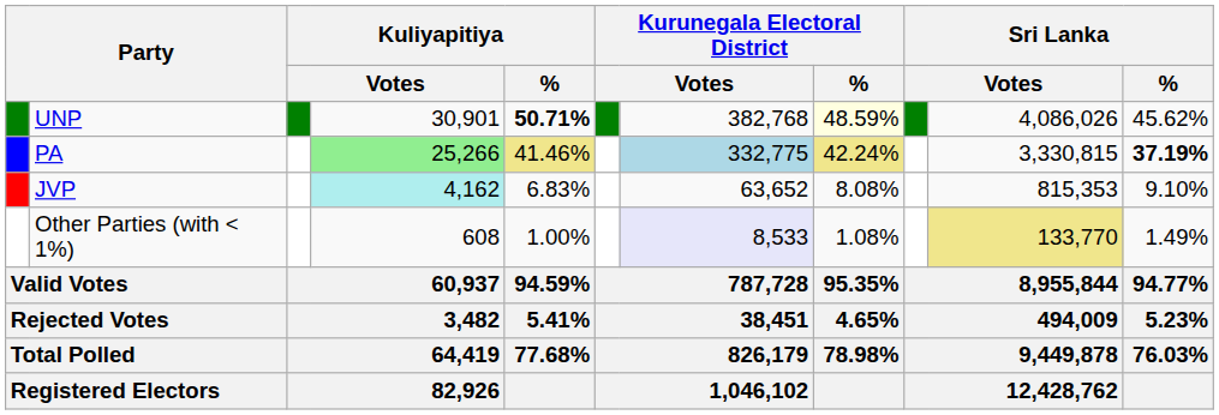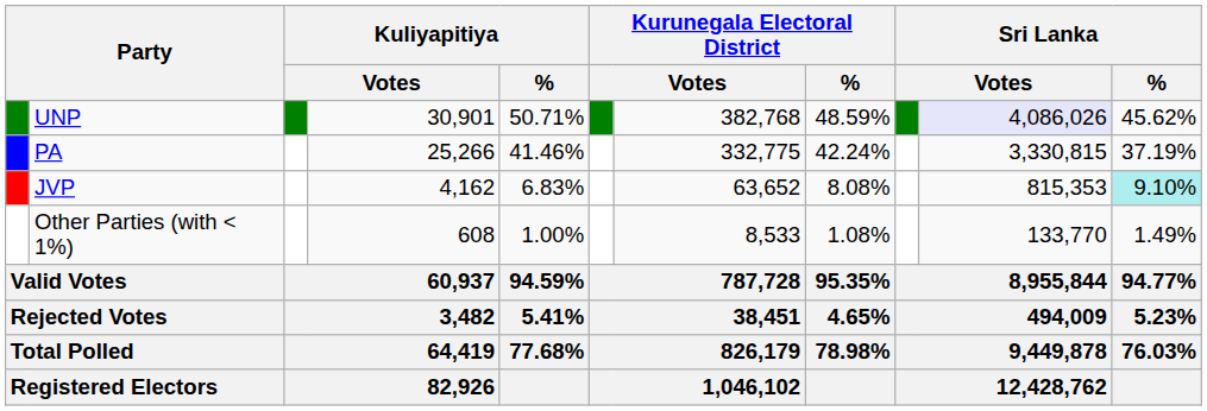 <table class="wikitable">
 <tr>
 <th colspan="2" width="144px"rowspan="2">Party</th>
 <th colspan="3" width="216px">Kuliyapitiya</th>
 <th colspan="3" width="216px"><a href='#'>Kurunegala Electoral District</a></th>
 <th colspan="3" width="216px">Sri Lanka</th>
 </tr>
 <tr>
 <th colspan="2" width="144px">Votes</th>
 <th>%</th>
 <th colspan="2" width="144px">Votes</th>
 <th>%</th>
 <th colspan="2" width="144px">Votes</th>
 <th>%</th>
 </tr>
 <tr>
 <td style="background-color:green;" width="10px"></td>
 <td style="text-align:left;"><a href='#'>UNP</a></td>
 <td style="background-color:green;" width="10px"></td>
 <td style="text-align:right;">30,901</td>
-<td style="text-align:right;"><strong>50.71%</strong></td>
+<td style="text-align:right;">50.71%</td>
 <td style="background-color:green;" width="10px"></td>
 <td style="text-align:right;">382,768</td>
-<td style="background: lightyellow; text-align:right;">48.59%</td>
+<td style="text-align:right;">48.59%</td>
 <td style="background-color:green;" width="10px"></td>
-<td style="text-align:right;">4,086,026</td>
+<td style="background: lavender; text-align:right;">4,086,026</td>
 <td style="text-align:right;">45.62%</td>
 </tr>
 <tr>
 <td style="background-color:blue;" width="10px"></td>
 <td style="text-align:left;"><a href='#'>PA</a></td>
 <td style="background-color:white;" width="10px"></td>
-<td style="background: lightgreen; text-align:right;">25,266</td>
-<td style="background: khaki; text-align:right;">41.46%</td>
+<td style="text-align:right;">25,266</td>
+<td style="text-align:right;">41.46%</td>
 <td style="background-color:white;" width="10px"></td>
-<td style="background: lightblue; text-align:right;">332,775</td>
-<td style="background: khaki; text-align:right;">42.24%</td>
+<td style="text-align:right;">332,775</td>
+<td style="text-align:right;">42.24%</td>
 <td style="background-color:white;" width="10px"></td>
 <td style="text-align:right;">3,330,815</td>
-<td style="text-align:right;"><strong>37.19%</strong></td>
+<td style="text-align:right;">37.19%</td>
 </tr>
 <tr>
 <td style="background-color:red;" width="10px"></td>
 <td style="text-align:left;"><a href='#'>JVP</a></td>
 <td style="background-color:white;" width="10px"></td>
-<td style="background: paleturquoise; text-align:right;">4,162</td>
+<td style="text-align:right;">4,162</td>
 <td style="text-align:right;">6.83%</td>
 <td style="background-color:white;" width="10px"></td>
 <td style="text-align:right;">63,652</td>
 <td style="text-align:right;">8.08%</td>
 <td style="background-color:white;" width="10px"></td>
 <td style="text-align:right;">815,353</td>
-<td style="text-align:right;">9.10%</td>
+<td style="background: paleturquoise; text-align:right;">9.10%</td>
 </tr>
 <tr>
 <td style="background-color:white;" width="10px"></td>
 <td style="text-align:left;">Other Parties (with < 1%)</td>
 <td style="background-color:white;" width="10px"></td>
 <td style="text-align:right;">608</td>
 <td style="text-align:right;">1.00%</td>
 <td style="background-color:white;" width="10px"></td>
-<td style="background: lavender; text-align:right;">8,533</td>
+<td style="text-align:right;">8,533</td>
 <td style="text-align:right;">1.08%</td>
 <td style="background-color:white;" width="10px"></td>
-<td style="background: khaki; text-align:right;">133,770</td>
+<td style="text-align:right;">133,770</td>
 <td style="text-align:right;">1.49%</td>
 </tr>
 <tr>
 <th colspan="2" width="144px"style="text-align:left;">Valid Votes</th>
 <th style="text-align:right;"colspan="2" width="144px">60,937</th>
 <th style="text-align:right;">94.59%</th>
 <th style="text-align:right;"colspan="2" width="144px">787,728</th>
 <th style="text-align:right;">95.35%</th>
 <th style="text-align:right;"colspan="2" width="144px">8,955,844</th>
 <th style="text-align:right;">94.77%</th>
 </tr>
 <tr>
 <th colspan="2" width="144px"style="text-align:left;">Rejected Votes</th>
 <th style="text-align:right;"colspan="2" width="144px">3,482</th>
 <th style="text-align:right;">5.41%</th>
 <th style="text-align:right;"colspan="2" width="144px">38,451</th>
 <th style="text-align:right;">4.65%</th>
 <th style="text-align:right;"colspan="2" width="144px">494,009</th>
 <th style="text-align:right;">5.23%</th>
 </tr>
 <tr>
 <th colspan="2" width="144px"style="text-align:left;">Total Polled</th>
 <th style="text-align:right;"colspan="2" width="144px">64,419</th>
 <th style="text-align:right;">77.68%</th>
 <th style="text-align:right;"colspan="2" width="144px">826,179</th>
 <th style="text-align:right;">78.98%</th>
 <th style="text-align:right;"colspan="2" width="144px">9,449,878</th>
 <th style="text-align:right;">76.03%</th>
 </tr>
 <tr>
 <th colspan="2" width="144px"style="text-align:left;">Registered Electors</th>
 <th style="text-align:right;"colspan="2" width="144px">82,926</th>
 <th></th>
 <th style="text-align:right;"colspan="2" width="144px">1,046,102</th>
 <th></th>
 <th style="text-align:right;"colspan="2" width="144px">12,428,762</th>
 <th></th>
 </tr>
 </table>
